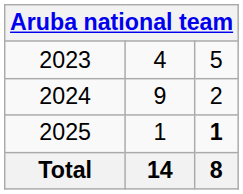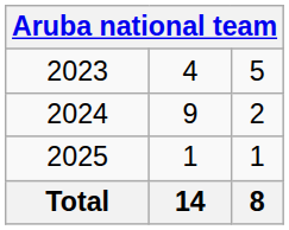 <table class="wikitable" style="text-align:center">
 <tr>
 <th colspan=3><a href='#'>Aruba national team</a></th>
 </tr>
 <tr>
 <td>2023</td>
 <td>4</td>
 <td>5</td>
 </tr>
 <tr>
 <td>2024</td>
 <td>9</td>
 <td>2</td>
 </tr>
 <tr>
 <td>2025</td>
 <td>1</td>
-<td><strong>1</strong></td>
+<td>1</td>
 </tr>
 <tr>
 <th>Total</th>
 <th>14</th>
 <th>8</th>
 </tr>
 </table>
